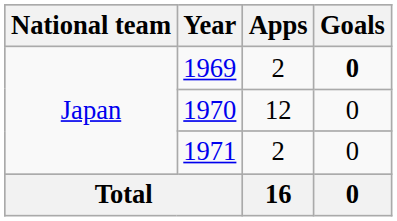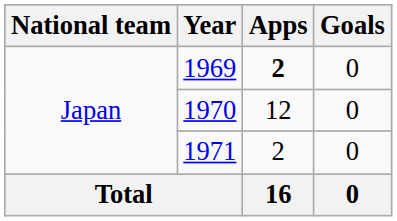 <table class="wikitable" style="text-align:center">
 <tr>
 <th>National team</th>
 <th>Year</th>
 <th>Apps</th>
 <th>Goals</th>
 </tr>
 <tr>
 <td rowspan="3"><a href='#'>Japan</a></td>
 <td><a href='#'>1969</a></td>
-<td>2</td>
-<td><strong>0</strong></td>
+<td><strong>2</strong></td>
+<td>0</td>
 </tr>
 <tr>
 <td><a href='#'>1970</a></td>
 <td>12</td>
 <td>0</td>
 </tr>
 <tr>
 <td><a href='#'>1971</a></td>
 <td>2</td>
 <td>0</td>
 </tr>
 <tr>
 <th colspan="2">Total</th>
 <th>16</th>
 <th>0</th>
 </tr>
 </table>
